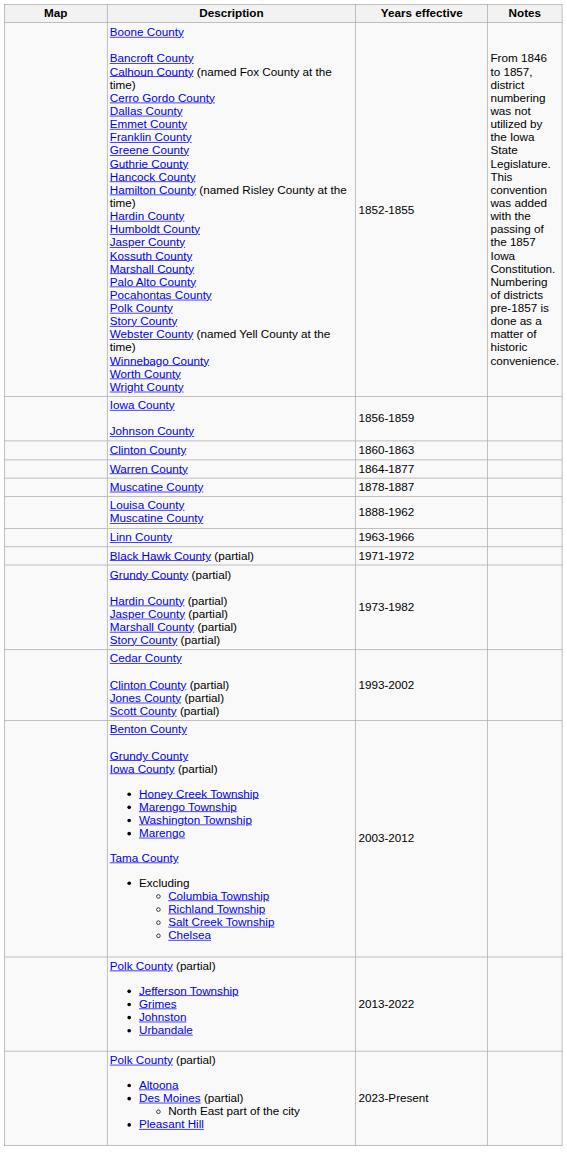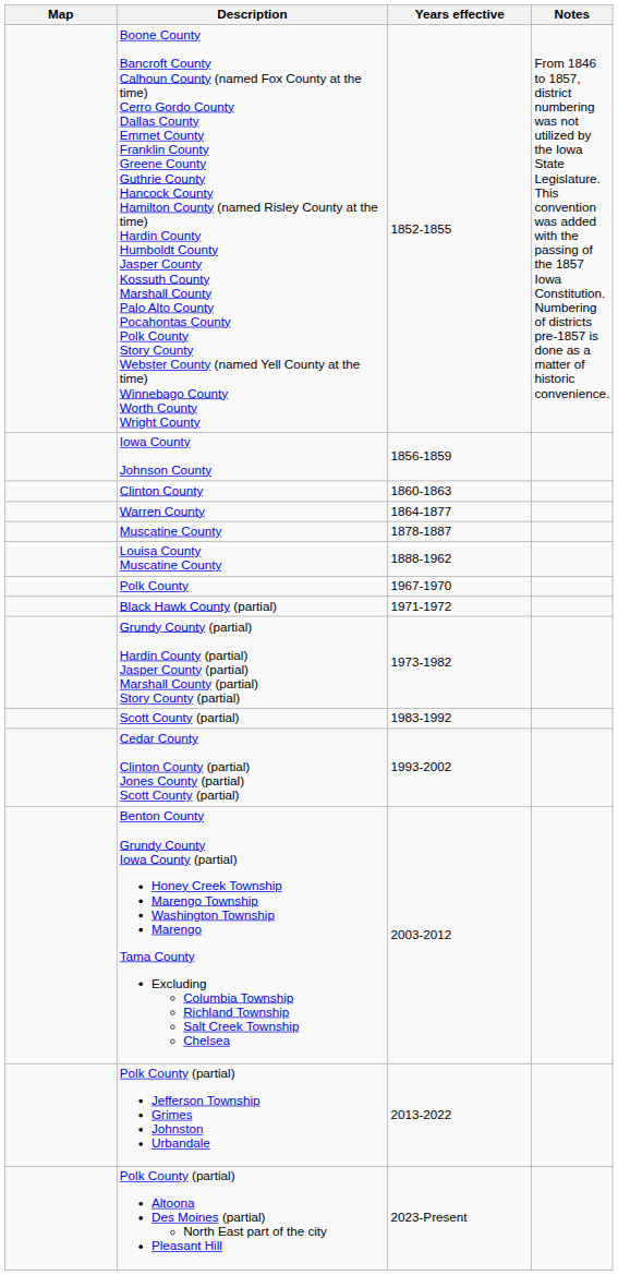 <table class="wikitable sortable">
 <tr>
 <th style="width:100pt;">Map</th>
 <th style="width:250pt;">Description</th>
 <th style="width:130pt;">Years effective</th>
 <th style="width:15pt;">Notes</th>
 </tr>
 <tr>
 <td></td>
 <td><a href='#'>Boone County</a><br><br><a href='#'>Bancroft County</a><br> <a href='#'>Calhoun County</a> (named Fox County at the time)<br> <a href='#'>Cerro Gordo County</a><br> <a href='#'>Dallas County</a><br> <a href='#'>Emmet County</a><br> <a href='#'>Franklin County</a><br> <a href='#'>Greene County</a><br> <a href='#'>Guthrie County</a><br> <a href='#'>Hancock County</a><br> <a href='#'>Hamilton County</a> (named Risley County at the time)<br> <a href='#'>Hardin County</a><br> <a href='#'>Humboldt County</a><br> <a href='#'>Jasper County</a><br> <a href='#'>Kossuth County</a><br> <a href='#'>Marshall County</a><br> <a href='#'>Palo Alto County</a><br> <a href='#'>Pocahontas County</a><br> <a href='#'>Polk County</a><br> <a href='#'>Story County</a><br> <a href='#'>Webster County</a> (named Yell County at the time)<br> <a href='#'>Winnebago County</a><br> <a href='#'>Worth County</a><br> <a href='#'>Wright County</a></td>
 <td>1852-1855</td>
 <td>From 1846 to 1857, district numbering was not utilized by the Iowa State Legislature. This convention was added with the passing of the 1857 Iowa Constitution. Numbering of districts pre-1857 is done as a matter of historic convenience.</td>
 </tr>
 <tr>
 <td></td>
 <td><a href='#'>Iowa County</a><br><br><a href='#'>Johnson County</a></td>
 <td>1856-1859</td>
 <td></td>
 </tr>
 <tr>
 <td></td>
 <td><a href='#'>Clinton County</a></td>
 <td>1860-1863</td>
 <td></td>
 </tr>
 <tr>
 <td></td>
 <td><a href='#'>Warren County</a></td>
 <td>1864-1877</td>
 <td></td>
 </tr>
 <tr>
 <td></td>
 <td><a href='#'>Muscatine County</a></td>
 <td>1878-1887</td>
 <td></td>
 </tr>
 <tr>
 <td></td>
 <td><a href='#'>Louisa County</a><br><a href='#'>Muscatine County</a></td>
 <td>1888-1962</td>
 <td></td>
 </tr>
 <tr>
 <td></td>
-<td><a href='#'>Linn County</a></td>
-<td>1963-1966</td>
+<td><a href='#'>Polk County</a></td>
+<td>1967-1970</td>
 <td></td>
 </tr>
 <tr>
 <td></td>
 <td><a href='#'>Black Hawk County</a> (partial)</td>
 <td>1971-1972</td>
 <td></td>
 </tr>
 <tr>
 <td></td>
 <td><a href='#'>Grundy County</a> (partial)<br><br><a href='#'>Hardin County</a> (partial)<br> <a href='#'>Jasper County</a> (partial)<br> <a href='#'>Marshall County</a> (partial)<br> <a href='#'>Story County</a> (partial)</td>
 <td>1973-1982</td>
+<td></td>
+</tr>
+<tr>
+<td></td>
+<td><a href='#'>Scott County</a> (partial)</td>
+<td>1983-1992</td>
 <td></td>
 </tr>
 <tr>
 <td></td>
 <td><a href='#'>Cedar County</a><br><br><a href='#'>Clinton County</a> (partial)<br> <a href='#'>Jones County</a> (partial)<br> <a href='#'>Scott County</a> (partial)</td>
 <td>1993-2002</td>
 <td></td>
 </tr>
 <tr>
 <td></td>
 <td><a href='#'>Benton County</a><br><br><a href='#'>Grundy County</a><br> <a href='#'>Iowa County</a> (partial)<ul><li><a href='#'>Honey Creek Township</a></li><li><a href='#'>Marengo Township</a></li><li><a href='#'>Washington Township</a></li><li><a href='#'>Marengo</a></li></ul><a href='#'>Tama County</a><ul><li>Excluding<ul><li><a href='#'>Columbia Township</a></li><li><a href='#'>Richland Township</a></li><li><a href='#'>Salt Creek Township</a></li><li><a href='#'>Chelsea</a></li></ul></li></ul></td>
 <td>2003-2012</td>
 <td></td>
 </tr>
 <tr>
 <td></td>
 <td><a href='#'>Polk County</a> (partial)<br><ul><li><a href='#'>Jefferson Township</a></li><li><a href='#'>Grimes</a></li><li><a href='#'>Johnston</a></li><li><a href='#'>Urbandale</a></li></ul></td>
 <td>2013-2022</td>
 <td></td>
 </tr>
 <tr>
 <td></td>
 <td><a href='#'>Polk County</a> (partial)<br><ul><li><a href='#'>Altoona</a></li><li><a href='#'>Des Moines</a> (partial)<ul><li>North East part of the city</li></ul></li><li><a href='#'>Pleasant Hill</a></li></ul></td>
 <td>2023-Present</td>
 </tr>
 </table>
